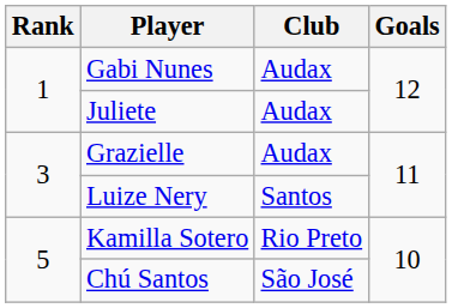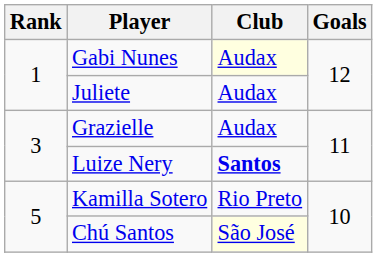 <table class="wikitable sortable" style="text-align:center">
 <tr>
 <th>Rank</th>
 <th>Player</th>
 <th>Club</th>
 <th>Goals</th>
 </tr>
 <tr>
 <td rowspan=2>1</td>
 <td align=left> <a href='#'>Gabi Nunes</a></td>
-<td align=left><a href='#'>Audax</a></td>
+<td align=left style="background: lightyellow;"><a href='#'>Audax</a></td>
 <td rowspan=2>12</td>
 </tr>
 <tr>
 <td align=left> <a href='#'>Juliete</a></td>
 <td align=left><a href='#'>Audax</a></td>
 </tr>
 <tr>
 <td rowspan=2>3</td>
 <td align=left> <a href='#'>Grazielle</a></td>
 <td align=left><a href='#'>Audax</a></td>
 <td rowspan=2>11</td>
 </tr>
 <tr>
 <td align=left> <a href='#'>Luize Nery</a></td>
-<td align=left><a href='#'>Santos</a></td>
+<td align=left><strong><a href='#'>Santos</a></strong></td>
 </tr>
 <tr>
 <td rowspan=2>5</td>
 <td align=left> <a href='#'>Kamilla Sotero</a></td>
 <td align=left><a href='#'>Rio Preto</a></td>
 <td rowspan=2>10</td>
 </tr>
 <tr>
 <td align=left> <a href='#'>Chú Santos</a></td>
-<td align=left><a href='#'>São José</a></td>
+<td align=left style="background: lightyellow;"><a href='#'>São José</a></td>
 </tr>
 </table>
